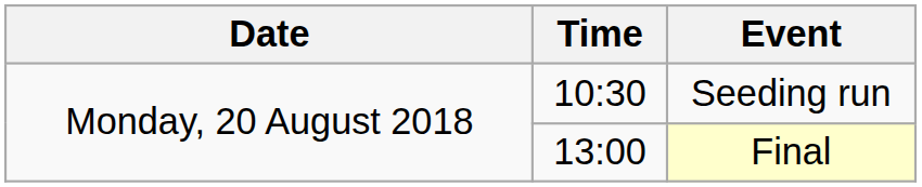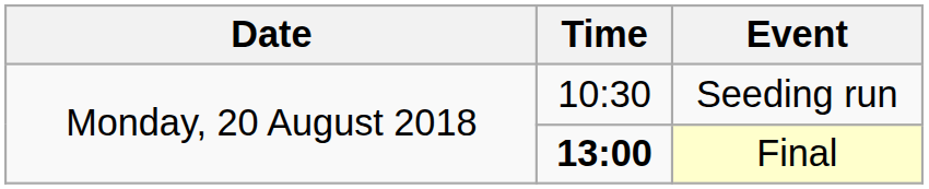 <table class = "wikitable" style="text-align:center;">
 <tr>
 <th width=220>Date</th>
 <th width=50>Time</th>
 <th width=100>Event</th>
 </tr>
 <tr>
 <td rowspan=2>Monday, 20 August 2018</td>
 <td>10:30</td>
 <td>Seeding run</td>
 </tr>
 <tr>
-<td>13:00</td>
+<td><strong>13:00</strong></td>
 <td bgcolor=ffffcc>Final</td>
 </tr>
 </table>
